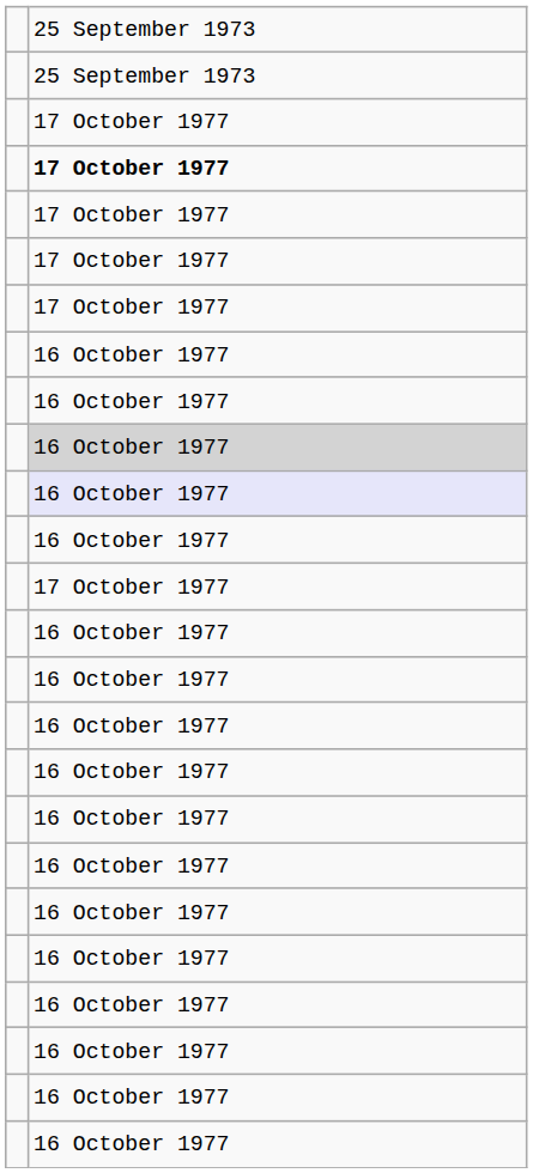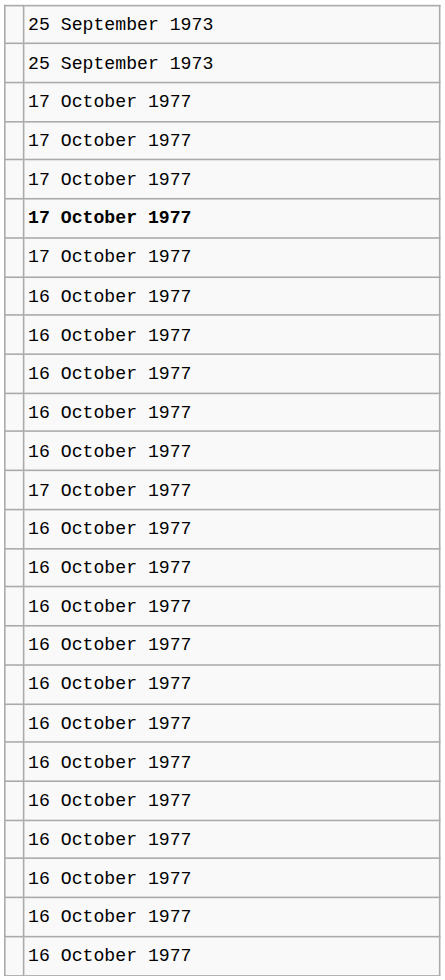 <table class="wikitable" style="font-size: 89%; float: left; width: 24em; margin-right: 1em; line-height: 1.65em">
 <tr>
 <td></td>
 <td>25 September 1973</td>
 </tr>
 <tr>
 <td></td>
 <td>25 September 1973</td>
 </tr>
 <tr>
 <td></td>
 <td>17 October 1977</td>
 </tr>
 <tr>
 <td></td>
-<td><strong>17 October 1977</strong></td>
+<td>17 October 1977</td>
 </tr>
 <tr>
 <td></td>
 <td>17 October 1977</td>
 </tr>
 <tr>
 <td></td>
-<td>17 October 1977</td>
+<td><strong>17 October 1977</strong></td>
 </tr>
 <tr>
 <td></td>
 <td>17 October 1977</td>
 </tr>
 <tr>
 <td></td>
 <td>16 October 1977</td>
 </tr>
 <tr>
 <td></td>
 <td>16 October 1977</td>
 </tr>
 <tr>
 <td></td>
-<td style="background: lightgrey;">16 October 1977</td>
+<td>16 October 1977</td>
 </tr>
 <tr>
 <td></td>
-<td style="background: lavender;">16 October 1977</td>
+<td>16 October 1977</td>
 </tr>
 <tr>
 <td></td>
 <td>16 October 1977</td>
 </tr>
 <tr>
 <td></td>
 <td>17 October 1977</td>
 </tr>
 <tr>
 <td></td>
 <td>16 October 1977</td>
 </tr>
 <tr>
 <td></td>
 <td>16 October 1977</td>
 </tr>
 <tr>
 <td></td>
 <td>16 October 1977</td>
 </tr>
 <tr>
 <td></td>
 <td>16 October 1977</td>
 </tr>
 <tr>
 <td></td>
 <td>16 October 1977</td>
 </tr>
 <tr>
 <td></td>
 <td>16 October 1977</td>
 </tr>
 <tr>
 <td></td>
 <td>16 October 1977</td>
 </tr>
 <tr>
 <td></td>
 <td>16 October 1977</td>
 </tr>
 <tr>
 <td></td>
 <td>16 October 1977</td>
 </tr>
 <tr>
 <td></td>
 <td>16 October 1977</td>
 </tr>
 <tr>
 <td></td>
 <td>16 October 1977</td>
 </tr>
 <tr>
 <td></td>
 <td>16 October 1977</td>
 </tr>
 </table>
